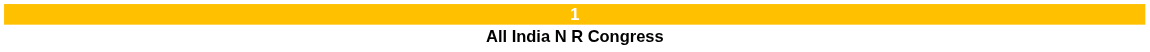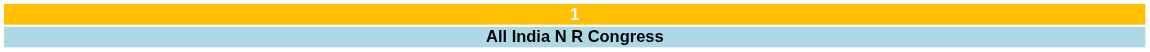 <table style="width:88%; text-align:center;">
 <tr style="color:white;">
 <td style="background:#ffc000; width:100%%;"><strong>1</strong></td>
 </tr>
 <tr>
-<td><span><strong>All India N R Congress</strong></span></td>
+<td style="background: lightblue;"><span><strong>All India N R Congress</strong></span></td>
 </tr>
 </table>
